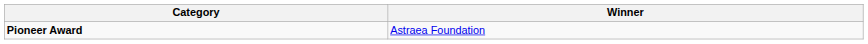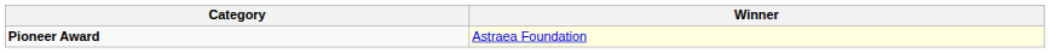 <table class="wikitable" width="100%">
 <tr>
 <th>Category</th>
 <th>Winner</th>
 </tr>
 <tr>
 <td><strong>Pioneer Award</strong></td>
-<td><a href='#'>Astraea Foundation</a></td>
+<td style="background: lightyellow;"><a href='#'>Astraea Foundation</a></td>
 </tr>
 </table>
